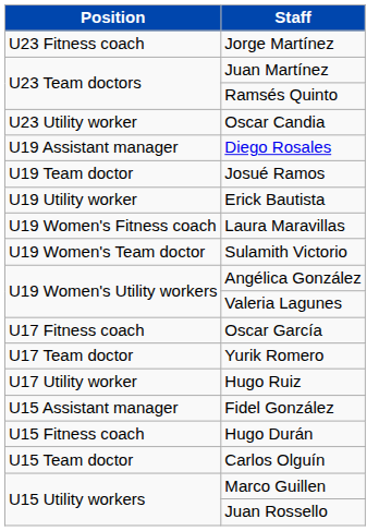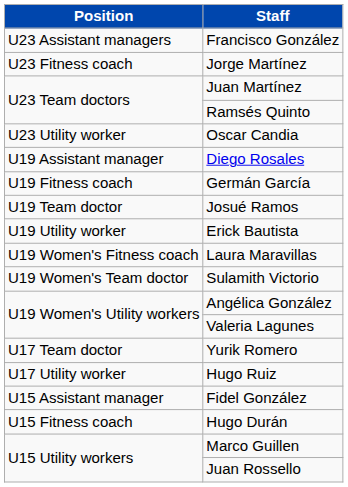 <table class="wikitable sortable">
 <tr>
 <th style="background-color:#0046AD;color:#FFFFFF;">Position</th>
 <th style="background-color:#0046AD;color:#FFFFFF;">Staff</th>
+</tr>
+<tr>
+<td rowspan="1">U23 Assistant managers</td>
+<td> Francisco González</td>
 </tr>
 <tr>
 <td>U23 Fitness coach</td>
 <td> Jorge Martínez</td>
 </tr>
 <tr>
 <td rowspan="2">U23 Team doctors</td>
 <td> Juan Martínez</td>
 </tr>
 <tr>
 <td> Ramsés Quinto</td>
 </tr>
 <tr>
 <td>U23 Utility worker</td>
 <td> Oscar Candia</td>
 </tr>
 <tr>
 <td>U19 Assistant manager</td>
 <td> <a href='#'>Diego Rosales</a></td>
+</tr>
+<tr>
+<td>U19 Fitness coach</td>
+<td> Germán García</td>
 </tr>
 <tr>
 <td>U19 Team doctor</td>
 <td> Josué Ramos</td>
 </tr>
 <tr>
 <td>U19 Utility worker</td>
 <td> Erick Bautista</td>
 </tr>
 <tr>
 <td>U19 Women's Fitness coach</td>
 <td> Laura Maravillas</td>
 </tr>
 <tr>
 <td>U19 Women's Team doctor</td>
 <td> Sulamith Victorio</td>
 </tr>
 <tr>
 <td rowspan="2">U19 Women's Utility workers</td>
 <td> Angélica González</td>
 </tr>
 <tr>
 <td> Valeria Lagunes</td>
 </tr>
 <tr>
-<td>U17 Fitness coach</td>
-<td> Oscar García</td>
-</tr>
-<tr>
 <td>U17 Team doctor</td>
 <td> Yurik Romero</td>
 </tr>
 <tr>
 <td>U17 Utility worker</td>
 <td> Hugo Ruiz</td>
 </tr>
 <tr>
 <td rowspan="1">U15 Assistant manager</td>
 <td> Fidel González</td>
 </tr>
 <tr>
 <td>U15 Fitness coach</td>
 <td> Hugo Durán</td>
 </tr>
 <tr>
-<td>U15 Team doctor</td>
-<td> Carlos Olguín</td>
-</tr>
-<tr>
 <td rowspan="2">U15 Utility workers</td>
 <td> Marco Guillen</td>
 </tr>
 <tr>
 <td> Juan Rossello</td>
 </tr>
 </table>
